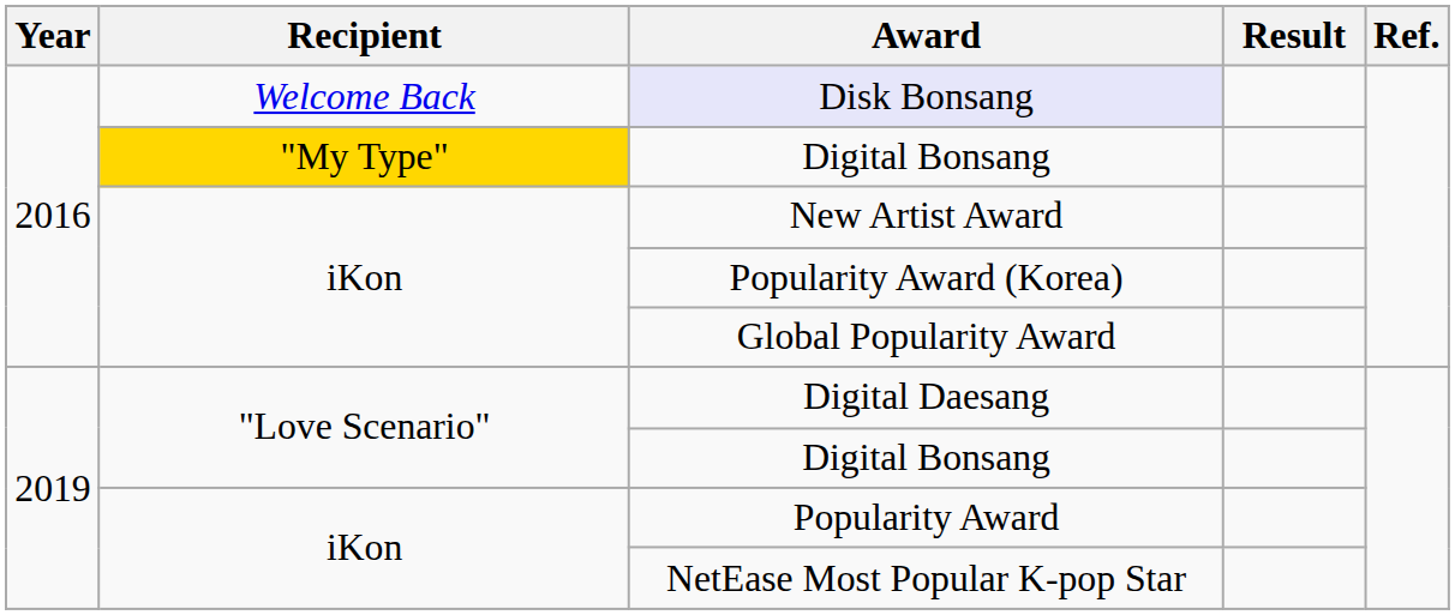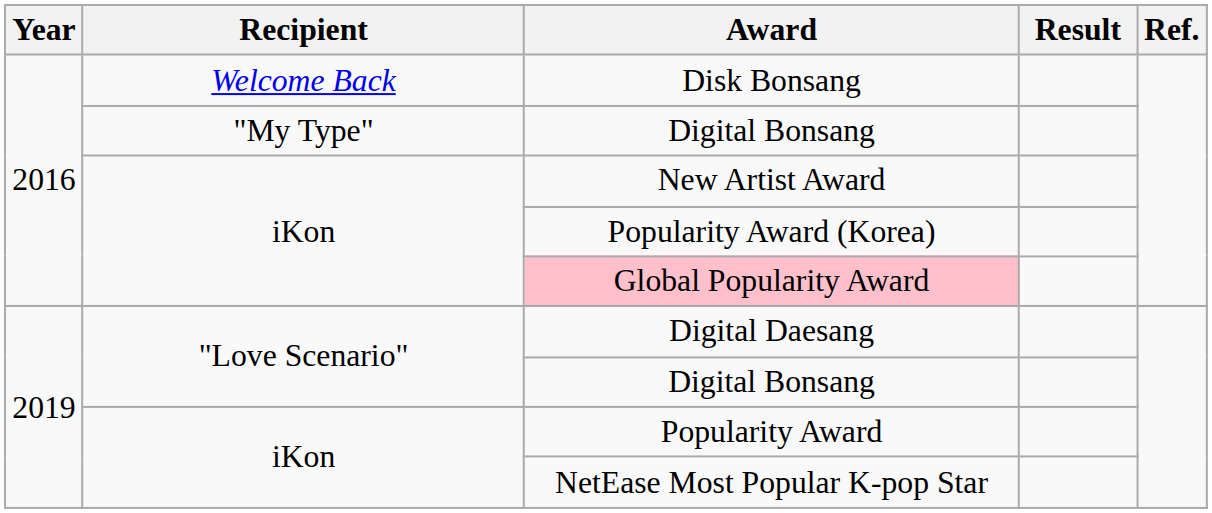 <table class="wikitable" style="text-align:center">
 <tr>
 <th width=5%>Year</th>
 <th style="width:40%;">Recipient</th>
 <th style="width:45%;">Award</th>
 <th style="width:10%;">Result</th>
 <th style="width:5%;">Ref.</th>
 </tr>
 <tr>
 <td rowspan="5">2016</td>
 <td><em><a href='#'>Welcome Back</a></em></td>
-<td style="background: lavender;">Disk Bonsang</td>
+<td>Disk Bonsang</td>
 <td></td>
 <td rowspan="5"></td>
 </tr>
 <tr>
-<td style="background: gold;">"My Type"</td>
+<td>"My Type"</td>
 <td>Digital Bonsang</td>
 <td></td>
 </tr>
 <tr>
 <td rowspan="3">iKon</td>
 <td>New Artist Award</td>
 <td></td>
 </tr>
 <tr>
 <td>Popularity Award (Korea)</td>
 <td></td>
 </tr>
 <tr>
-<td>Global Popularity Award</td>
+<td style="background: pink;">Global Popularity Award</td>
 <td></td>
 </tr>
 <tr>
 <td rowspan="4">2019</td>
 <td rowspan="2">"Love Scenario"</td>
 <td>Digital Daesang</td>
 <td></td>
 <td rowspan="4"></td>
 </tr>
 <tr>
 <td>Digital Bonsang</td>
 <td></td>
 </tr>
 <tr>
 <td rowspan="2">iKon</td>
 <td>Popularity Award</td>
 <td></td>
 </tr>
 <tr>
 <td>NetEase Most Popular K-pop Star</td>
 <td></td>
 </tr>
 </table>
